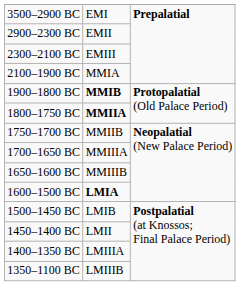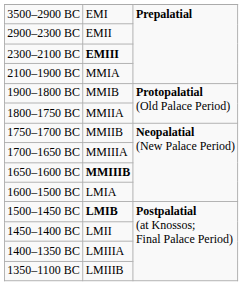 <table class="wikitable floatright border: gray solid 1px; text-align: center; background: white;" style="font-size: 85%;">
 <tr style="background: #ececec;">
 </tr>
 <tr>
 <td>3500–2900 BC</td>
 <td>EMI</td>
 <td rowspan="4" style="vertical-align:top;"><strong>Prepalatial</strong></td>
 </tr>
 <tr>
 <td>2900–2300 BC</td>
 <td>EMII</td>
 </tr>
 <tr>
 <td>2300–2100 BC</td>
-<td>EMIII</td>
+<td><strong>EMIII</strong></td>
 </tr>
 <tr>
 <td>2100–1900 BC</td>
 <td>MMIA</td>
 </tr>
 <tr>
 <td>1900–1800 BC</td>
-<td><strong>MMIB</strong></td>
+<td>MMIB</td>
 <td rowspan="2" style="vertical-align:top;"><strong>Protopalatial</strong><br>(Old Palace Period)</td>
 </tr>
 <tr>
 <td>1800–1750 BC</td>
-<td><strong>MMIIA</strong></td>
+<td>MMIIA</td>
 </tr>
 <tr>
 <td>1750–1700 BC</td>
 <td>MMIIB</td>
 <td rowspan="4" style="vertical-align:top;"><strong>Neopalatial</strong><br>(New Palace Period)</td>
 </tr>
 <tr>
 <td>1700–1650 BC</td>
 <td>MMIIIA</td>
 </tr>
 <tr>
 <td>1650–1600 BC</td>
-<td>MMIIIB</td>
+<td><strong>MMIIIB</strong></td>
 </tr>
 <tr>
 <td>1600–1500 BC</td>
-<td><strong>LMIA</strong></td>
+<td>LMIA</td>
 </tr>
 <tr>
 <td>1500–1450 BC</td>
-<td>LMIB</td>
+<td><strong>LMIB</strong></td>
 <td rowspan="4" style="vertical-align:top;"><strong>Postpalatial</strong><br> (at Knossos;<br> Final Palace Period)</td>
 </tr>
 <tr>
 <td>1450–1400 BC</td>
 <td>LMII</td>
 </tr>
 <tr>
 <td>1400–1350 BC</td>
 <td>LMIIIA</td>
 </tr>
 <tr>
 <td>1350–1100 BC</td>
 <td>LMIIIB</td>
 </tr>
 </table>
